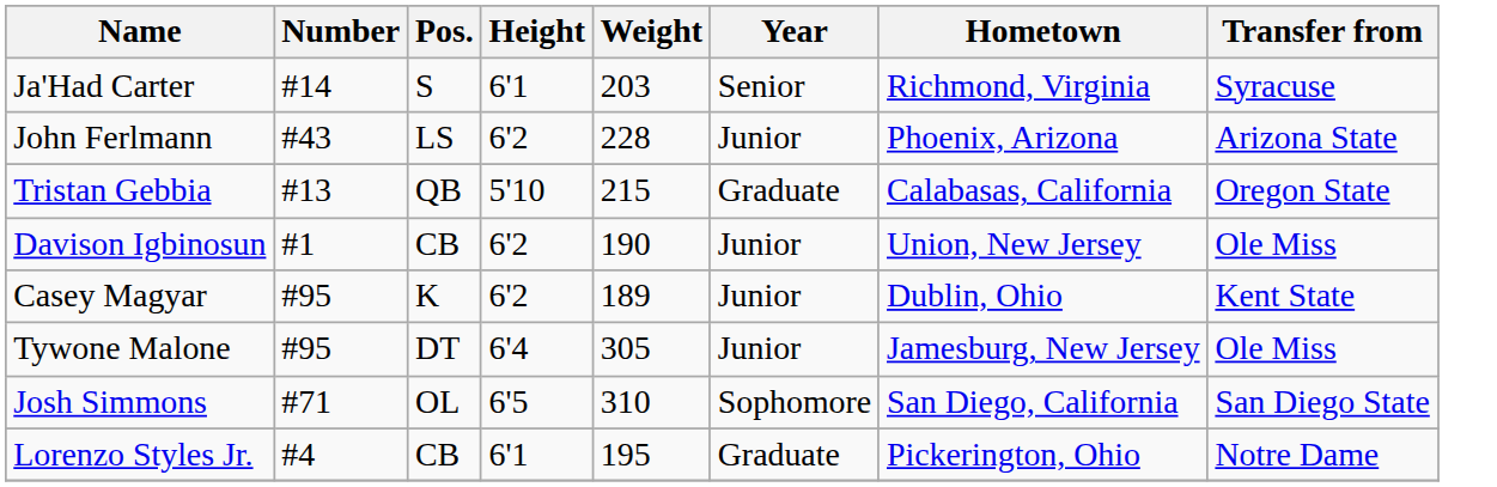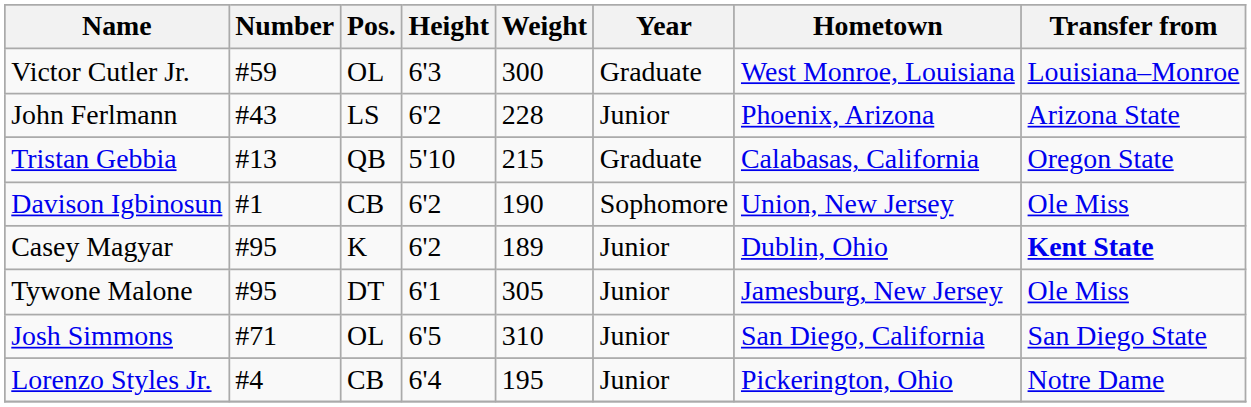 <table class="wikitable sortable">
 <tr>
 <th style="text-align:center; ">Name</th>
 <th style="text-align:center; ">Number</th>
 <th style="text-align:center; ">Pos.</th>
 <th style="text-align:center; ">Height</th>
 <th style="text-align:center; ">Weight</th>
 <th style="text-align:center; ">Year</th>
 <th style="text-align:center; ">Hometown</th>
 <th style="text-align:center; ">Transfer from</th>
 </tr>
 <tr>
-<td>Ja'Had Carter</td>
-<td>#14</td>
-<td>S</td>
-<td>6'1</td>
-<td>203</td>
-<td>Senior</td>
-<td><a href='#'>Richmond, Virginia</a></td>
-<td><a href='#'>Syracuse</a></td>
+<td>Victor Cutler Jr.</td>
+<td>#59</td>
+<td>OL</td>
+<td>6'3</td>
+<td>300</td>
+<td>Graduate</td>
+<td><a href='#'>West Monroe, Louisiana</a></td>
+<td><a href='#'>Louisiana–Monroe</a></td>
 </tr>
 <tr>
 <td>John Ferlmann</td>
 <td>#43</td>
 <td>LS</td>
 <td>6'2</td>
 <td>228</td>
 <td>Junior</td>
 <td><a href='#'>Phoenix, Arizona</a></td>
 <td><a href='#'>Arizona State</a></td>
 </tr>
 <tr>
 <td><a href='#'>Tristan Gebbia</a></td>
 <td>#13</td>
 <td>QB</td>
 <td>5'10</td>
 <td>215</td>
 <td>Graduate</td>
 <td><a href='#'>Calabasas, California</a></td>
 <td><a href='#'>Oregon State</a></td>
 </tr>
 <tr>
 <td><a href='#'>Davison Igbinosun</a></td>
 <td>#1</td>
 <td>CB</td>
 <td>6'2</td>
 <td>190</td>
-<td>Junior</td>
+<td>Sophomore</td>
 <td><a href='#'>Union, New Jersey</a></td>
 <td><a href='#'>Ole Miss</a></td>
 </tr>
 <tr>
 <td>Casey Magyar</td>
 <td>#95</td>
 <td>K</td>
 <td>6'2</td>
 <td>189</td>
 <td>Junior</td>
 <td><a href='#'>Dublin, Ohio</a></td>
-<td><a href='#'>Kent State</a></td>
+<td><strong><a href='#'>Kent State</a></strong></td>
 </tr>
 <tr>
 <td>Tywone Malone</td>
 <td>#95</td>
 <td>DT</td>
-<td>6'4</td>
+<td>6'1</td>
 <td>305</td>
 <td>Junior</td>
 <td><a href='#'>Jamesburg, New Jersey</a></td>
 <td><a href='#'>Ole Miss</a></td>
 </tr>
 <tr>
 <td><a href='#'>Josh Simmons</a></td>
 <td>#71</td>
 <td>OL</td>
 <td>6'5</td>
 <td>310</td>
-<td>Sophomore</td>
+<td>Junior</td>
 <td><a href='#'>San Diego, California</a></td>
 <td><a href='#'>San Diego State</a></td>
 </tr>
 <tr>
 <td><a href='#'>Lorenzo Styles Jr.</a></td>
 <td>#4</td>
 <td>CB</td>
-<td>6'1</td>
+<td>6'4</td>
 <td>195</td>
-<td>Graduate</td>
+<td>Junior</td>
 <td><a href='#'>Pickerington, Ohio</a></td>
 <td><a href='#'>Notre Dame</a></td>
 </tr>
 <tr>
 </tr>
 </table>
